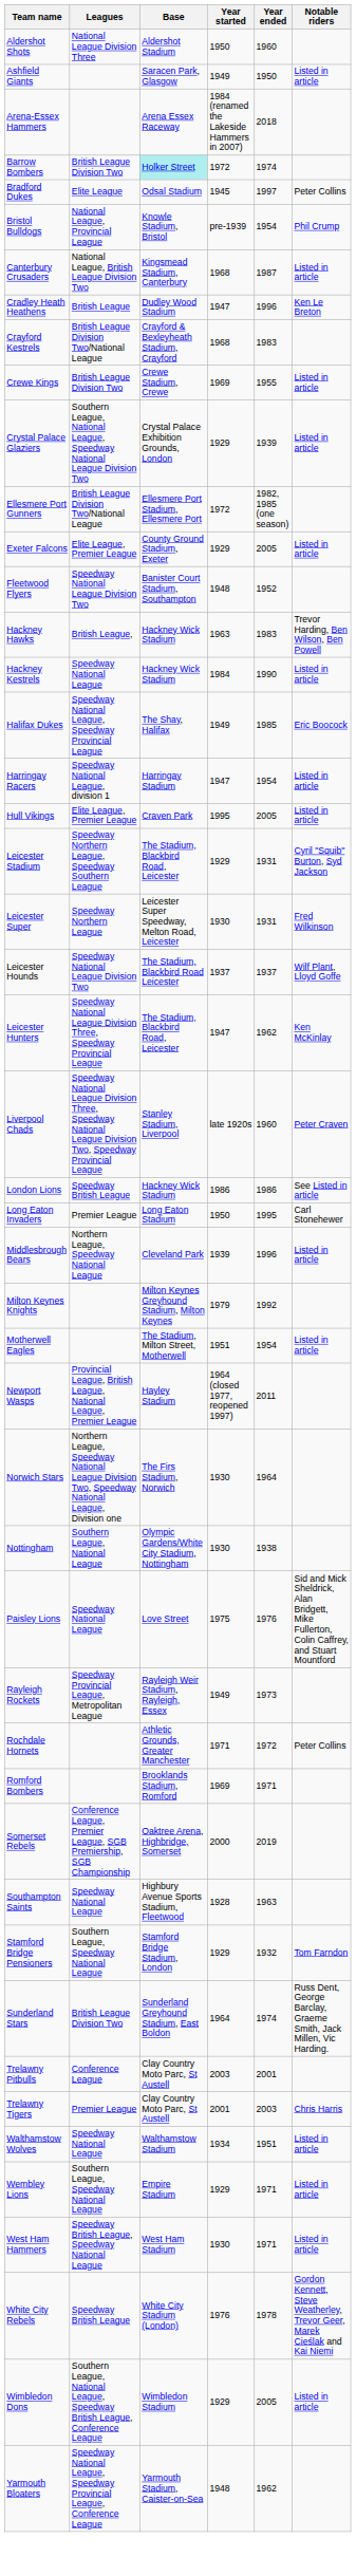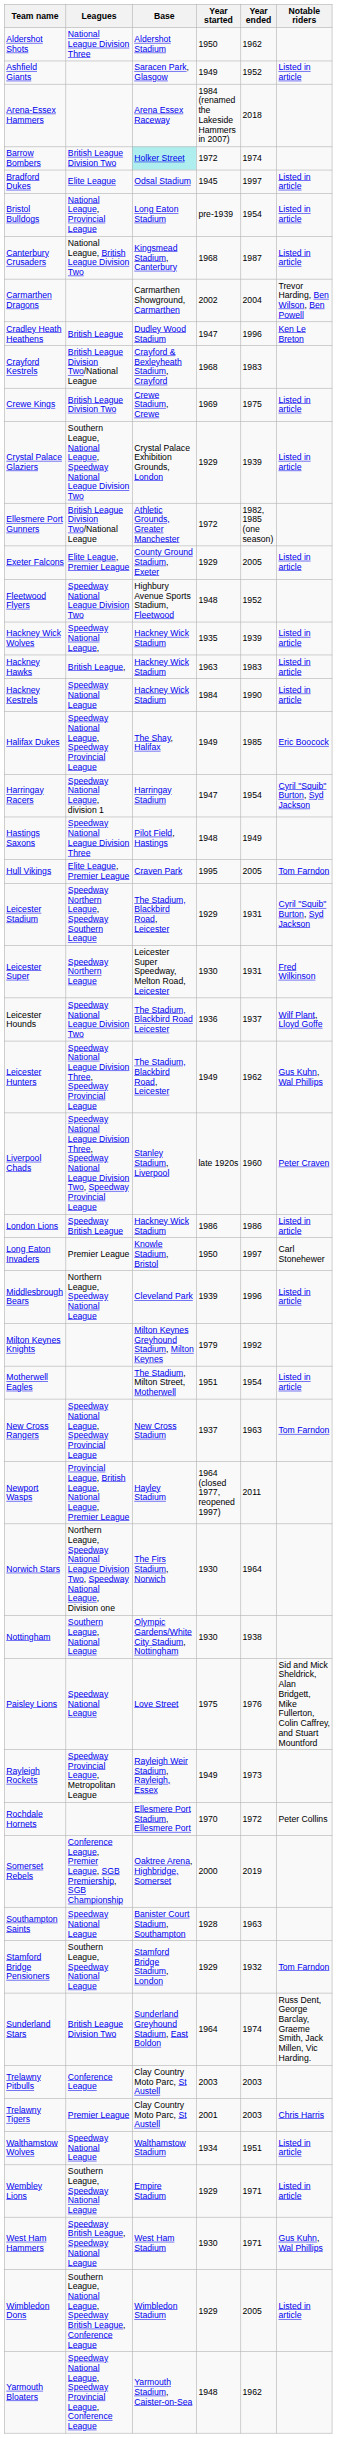 <table class="wikitable sortable">
 <tr>
 <th>Team name</th>
 <th>Leagues</th>
 <th>Base</th>
 <th>Year started</th>
 <th>Year ended</th>
 <th>Notable riders</th>
 </tr>
 <tr>
 <td><a href='#'>Aldershot Shots</a></td>
 <td><a href='#'>National League Division Three</a></td>
 <td><a href='#'>Aldershot Stadium</a></td>
 <td>1950</td>
-<td>1960</td>
+<td>1962</td>
 <td></td>
 </tr>
 <tr>
 <td><a href='#'>Ashfield Giants</a></td>
 <td></td>
 <td><a href='#'>Saracen Park</a>, <a href='#'>Glasgow</a></td>
 <td>1949</td>
-<td>1950</td>
+<td>1952</td>
 <td><a href='#'>Listed in article</a></td>
 </tr>
 <tr>
 <td><a href='#'>Arena-Essex Hammers</a></td>
 <td></td>
 <td><a href='#'>Arena Essex Raceway</a></td>
 <td>1984 (renamed the Lakeside Hammers in 2007)</td>
 <td>2018</td>
 <td></td>
 </tr>
 <tr>
 <td><a href='#'>Barrow Bombers</a></td>
 <td><a href='#'>British League Division Two</a></td>
 <td style="background: paleturquoise;"><a href='#'>Holker Street</a></td>
 <td>1972</td>
 <td>1974</td>
 <td></td>
 </tr>
 <tr>
 <td><a href='#'>Bradford Dukes</a></td>
 <td><a href='#'>Elite League</a></td>
 <td><a href='#'>Odsal Stadium</a></td>
 <td>1945</td>
 <td>1997</td>
-<td>Peter Collins</td>
+<td><a href='#'>Listed in article</a></td>
 </tr>
 <tr>
 <td><a href='#'>Bristol Bulldogs</a></td>
 <td><a href='#'>National League</a>, <a href='#'>Provincial League</a></td>
-<td><a href='#'>Knowle Stadium</a>, <a href='#'>Bristol</a></td>
+<td><a href='#'>Long Eaton Stadium</a></td>
 <td>pre-1939</td>
 <td>1954</td>
-<td><a href='#'>Phil Crump</a></td>
+<td><a href='#'>Listed in article</a></td>
 </tr>
 <tr>
 <td><a href='#'>Canterbury Crusaders</a></td>
 <td>National League, <a href='#'>British League Division Two</a></td>
 <td><a href='#'>Kingsmead Stadium</a>, <a href='#'>Canterbury</a></td>
 <td>1968</td>
 <td>1987</td>
 <td><a href='#'>Listed in article</a></td>
+</tr>
+<tr>
+<td><a href='#'>Carmarthen Dragons</a><br></td>
+<td></td>
+<td>Carmarthen Showground, <a href='#'>Carmarthen</a></td>
+<td>2002</td>
+<td>2004</td>
+<td>Trevor Harding, <a href='#'>Ben Wilson</a>, <a href='#'>Ben Powell</a></td>
 </tr>
 <tr>
 <td><a href='#'>Cradley Heath Heathens</a></td>
 <td><a href='#'>British League</a></td>
 <td><a href='#'>Dudley Wood Stadium</a></td>
 <td>1947</td>
 <td>1996</td>
 <td><a href='#'>Ken Le Breton</a></td>
 </tr>
 <tr>
 <td><a href='#'>Crayford Kestrels</a></td>
 <td><a href='#'>British League Division Two</a>/National League</td>
 <td><a href='#'>Crayford & Bexleyheath Stadium</a>, <a href='#'>Crayford</a></td>
 <td>1968</td>
 <td>1983</td>
 <td></td>
 </tr>
 <tr>
 <td><a href='#'>Crewe Kings</a></td>
 <td><a href='#'>British League Division Two</a></td>
 <td><a href='#'>Crewe Stadium</a>, <a href='#'>Crewe</a></td>
 <td>1969</td>
-<td>1955</td>
+<td>1975</td>
 <td><a href='#'>Listed in article</a></td>
 </tr>
 <tr>
 <td><a href='#'>Crystal Palace Glaziers</a></td>
 <td>Southern League, <a href='#'>National League</a>, <a href='#'>Speedway National League Division Two</a></td>
 <td>Crystal Palace Exhibition Grounds, <a href='#'>London</a></td>
 <td>1929</td>
 <td>1939</td>
 <td><a href='#'>Listed in article</a></td>
 </tr>
 <tr>
 <td><a href='#'>Ellesmere Port Gunners</a></td>
 <td><a href='#'>British League Division Two</a>/National League</td>
-<td><a href='#'>Ellesmere Port Stadium</a>, <a href='#'>Ellesmere Port</a></td>
+<td><a href='#'>Athletic Grounds, Greater Manchester</a></td>
 <td>1972</td>
 <td>1982, 1985 (one season)</td>
 <td></td>
 </tr>
 <tr>
 <td><a href='#'>Exeter Falcons</a></td>
 <td><a href='#'>Elite League</a>, <a href='#'>Premier League</a></td>
 <td><a href='#'>County Ground Stadium</a>, <a href='#'>Exeter</a></td>
 <td>1929</td>
 <td>2005</td>
 <td><a href='#'>Listed in article</a></td>
 </tr>
 <tr>
 <td><a href='#'>Fleetwood Flyers</a></td>
 <td><a href='#'>Speedway National League Division Two</a></td>
-<td><a href='#'>Banister Court Stadium</a>, <a href='#'>Southampton</a></td>
+<td>Highbury Avenue Sports Stadium, <a href='#'>Fleetwood</a></td>
 <td>1948</td>
 <td>1952</td>
 <td></td>
+</tr>
+<tr>
+<td><a href='#'>Hackney Wick Wolves</a></td>
+<td><a href='#'>Speedway National League</a>,</td>
+<td><a href='#'>Hackney Wick Stadium</a></td>
+<td>1935</td>
+<td>1939</td>
+<td><a href='#'>Listed in article</a></td>
 </tr>
 <tr>
 <td><a href='#'>Hackney Hawks</a></td>
 <td><a href='#'>British League</a>,</td>
 <td><a href='#'>Hackney Wick Stadium</a></td>
 <td>1963</td>
 <td>1983</td>
-<td>Trevor Harding, <a href='#'>Ben Wilson</a>, <a href='#'>Ben Powell</a></td>
+<td><a href='#'>Listed in article</a></td>
 </tr>
 <tr>
 <td><a href='#'>Hackney Kestrels</a></td>
 <td><a href='#'>Speedway National League</a></td>
 <td><a href='#'>Hackney Wick Stadium</a></td>
 <td>1984</td>
 <td>1990</td>
 <td><a href='#'>Listed in article</a></td>
 </tr>
 <tr>
 <td><a href='#'>Halifax Dukes</a></td>
 <td><a href='#'>Speedway National League</a>, <a href='#'>Speedway Provincial League</a></td>
 <td><a href='#'>The Shay</a>, <a href='#'>Halifax</a></td>
 <td>1949</td>
 <td>1985</td>
 <td><a href='#'>Eric Boocock</a></td>
 </tr>
 <tr>
 <td><a href='#'>Harringay Racers</a></td>
 <td><a href='#'>Speedway National League</a>, division 1</td>
 <td><a href='#'>Harringay Stadium</a></td>
 <td>1947</td>
 <td>1954</td>
-<td><a href='#'>Listed in article</a></td>
+<td><a href='#'>Cyril "Squib" Burton</a>, <a href='#'>Syd Jackson</a></td>
+</tr>
+<tr>
+<td><a href='#'>Hastings Saxons</a></td>
+<td><a href='#'>Speedway National League Division Three</a></td>
+<td><a href='#'>Pilot Field</a>, <a href='#'>Hastings</a></td>
+<td>1948</td>
+<td>1949</td>
+<td></td>
 </tr>
 <tr>
 <td><a href='#'>Hull Vikings</a></td>
 <td><a href='#'>Elite League</a>, <a href='#'>Premier League</a></td>
 <td><a href='#'>Craven Park</a></td>
 <td>1995</td>
 <td>2005</td>
-<td><a href='#'>Listed in article</a></td>
+<td><a href='#'>Tom Farndon</a></td>
 </tr>
 <tr>
 <td><a href='#'>Leicester Stadium</a></td>
 <td><a href='#'>Speedway Northern League</a>, <a href='#'>Speedway Southern League</a></td>
 <td><a href='#'>The Stadium, Blackbird Road</a>, <a href='#'>Leicester</a></td>
 <td>1929</td>
 <td>1931</td>
 <td><a href='#'>Cyril "Squib" Burton</a>, <a href='#'>Syd Jackson</a></td>
 </tr>
 <tr>
 <td><a href='#'>Leicester Super</a></td>
 <td><a href='#'>Speedway Northern League</a></td>
 <td>Leicester Super Speedway, Melton Road, <a href='#'>Leicester</a></td>
 <td>1930</td>
 <td>1931</td>
 <td><a href='#'>Fred Wilkinson</a></td>
 </tr>
 <tr>
 <td>Leicester Hounds</td>
 <td><a href='#'>Speedway National League Division Two</a></td>
 <td><a href='#'>The Stadium, Blackbird Road</a> <a href='#'>Leicester</a></td>
-<td>1937</td>
+<td>1936</td>
 <td>1937</td>
 <td><a href='#'>Wilf Plant</a>, <a href='#'>Lloyd Goffe</a></td>
 </tr>
 <tr>
 <td><a href='#'>Leicester Hunters</a></td>
 <td><a href='#'>Speedway National League Division Three</a>, <a href='#'>Speedway Provincial League</a></td>
 <td><a href='#'>The Stadium, Blackbird Road</a>, <a href='#'>Leicester</a></td>
-<td>1947</td>
+<td>1949</td>
 <td>1962</td>
-<td><a href='#'>Ken McKinlay</a></td>
+<td><a href='#'>Gus Kuhn</a>, <a href='#'>Wal Phillips</a></td>
 </tr>
 <tr>
 <td><a href='#'>Liverpool Chads</a></td>
 <td><a href='#'>Speedway National League Division Three</a>, <a href='#'>Speedway National League Division Two</a>, <a href='#'>Speedway Provincial League</a></td>
 <td><a href='#'>Stanley Stadium</a>, <a href='#'>Liverpool</a></td>
 <td>late 1920s</td>
 <td>1960</td>
 <td><a href='#'>Peter Craven</a></td>
 </tr>
 <tr>
 <td><a href='#'>London Lions</a></td>
 <td><a href='#'>Speedway British League</a></td>
 <td><a href='#'>Hackney Wick Stadium</a></td>
 <td>1986</td>
 <td>1986</td>
-<td>See <a href='#'>Listed in article</a></td>
+<td><a href='#'>Listed in article</a></td>
 </tr>
 <tr>
 <td><a href='#'>Long Eaton Invaders</a></td>
 <td>Premier League</td>
-<td><a href='#'>Long Eaton Stadium</a></td>
+<td><a href='#'>Knowle Stadium</a>, <a href='#'>Bristol</a></td>
 <td>1950</td>
-<td>1995</td>
+<td>1997</td>
 <td>Carl Stonehewer</td>
 </tr>
 <tr>
 <td><a href='#'>Middlesbrough Bears</a></td>
 <td>Northern League, <a href='#'>Speedway National League</a></td>
 <td><a href='#'>Cleveland Park</a></td>
 <td>1939</td>
 <td>1996</td>
 <td><a href='#'>Listed in article</a></td>
 </tr>
 <tr>
 <td><a href='#'>Milton Keynes Knights</a></td>
 <td></td>
 <td><a href='#'>Milton Keynes Greyhound Stadium</a>, <a href='#'>Milton Keynes</a></td>
 <td>1979</td>
 <td>1992</td>
 <td></td>
 </tr>
 <tr>
 <td><a href='#'>Motherwell Eagles</a></td>
 <td></td>
 <td><a href='#'>The Stadium</a>, Milton Street, <a href='#'>Motherwell</a></td>
 <td>1951</td>
 <td>1954</td>
 <td><a href='#'>Listed in article</a></td>
+</tr>
+<tr>
+<td><a href='#'>New Cross Rangers</a></td>
+<td><a href='#'>Speedway National League</a>, <a href='#'>Speedway Provincial League</a></td>
+<td><a href='#'>New Cross Stadium</a></td>
+<td>1937</td>
+<td>1963</td>
+<td><a href='#'>Tom Farndon</a></td>
 </tr>
 <tr>
 <td><a href='#'>Newport Wasps</a></td>
 <td><a href='#'>Provincial League</a>, <a href='#'>British League</a>, <a href='#'>National League</a>, <a href='#'>Premier League</a></td>
 <td><a href='#'>Hayley Stadium</a></td>
 <td>1964 (closed 1977, reopened 1997)</td>
 <td>2011</td>
 <td></td>
 </tr>
 <tr>
 <td><a href='#'>Norwich Stars</a></td>
 <td>Northern League, <a href='#'>Speedway National League Division Two</a>, <a href='#'>Speedway National League</a>, Division one</td>
 <td><a href='#'>The Firs Stadium</a>, <a href='#'>Norwich</a></td>
 <td>1930</td>
 <td>1964</td>
 <td></td>
 </tr>
 <tr>
 <td><a href='#'>Nottingham</a></td>
 <td><a href='#'>Southern League</a>, <a href='#'>National League</a></td>
 <td><a href='#'>Olympic Gardens/White City Stadium</a>, <a href='#'>Nottingham</a></td>
 <td>1930</td>
 <td>1938</td>
 <td></td>
 </tr>
 <tr>
 <td><a href='#'>Paisley Lions</a></td>
 <td><a href='#'>Speedway National League</a></td>
 <td><a href='#'>Love Street</a></td>
 <td>1975</td>
 <td>1976</td>
 <td>Sid and Mick Sheldrick, Alan Bridgett, Mike Fullerton, Colin Caffrey, and Stuart Mountford</td>
 </tr>
 <tr>
 <td><a href='#'>Rayleigh Rockets</a></td>
 <td><a href='#'>Speedway Provincial League</a>, Metropolitan League</td>
 <td><a href='#'>Rayleigh Weir Stadium</a>, <a href='#'>Rayleigh, Essex</a></td>
 <td>1949</td>
 <td>1973</td>
 <td></td>
 </tr>
 <tr>
 <td><a href='#'>Rochdale Hornets</a></td>
 <td></td>
-<td><a href='#'>Athletic Grounds, Greater Manchester</a></td>
-<td>1971</td>
+<td><a href='#'>Ellesmere Port Stadium</a>, <a href='#'>Ellesmere Port</a></td>
+<td>1970</td>
 <td>1972</td>
 <td>Peter Collins</td>
-</tr>
-<tr>
-<td><a href='#'>Romford Bombers</a></td>
-<td></td>
-<td><a href='#'>Brooklands Stadium</a>, <a href='#'>Romford</a></td>
-<td>1969</td>
-<td>1971</td>
-<td></td>
 </tr>
 <tr>
 <td><a href='#'>Somerset Rebels</a></td>
 <td><a href='#'>Conference League</a>, <a href='#'>Premier League</a>, <a href='#'>SGB Premiership</a>, <a href='#'>SGB Championship</a></td>
 <td><a href='#'>Oaktree Arena</a>, <a href='#'>Highbridge, Somerset</a></td>
 <td>2000</td>
 <td>2019</td>
 <td></td>
 </tr>
 <tr>
 <td><a href='#'>Southampton Saints</a></td>
 <td><a href='#'>Speedway National League</a></td>
-<td>Highbury Avenue Sports Stadium, <a href='#'>Fleetwood</a></td>
+<td><a href='#'>Banister Court Stadium</a>, <a href='#'>Southampton</a></td>
 <td>1928</td>
 <td>1963</td>
 <td></td>
 </tr>
 <tr>
 <td><a href='#'>Stamford Bridge Pensioners</a></td>
 <td>Southern League, <a href='#'>Speedway National League</a></td>
 <td><a href='#'>Stamford Bridge Stadium</a>, <a href='#'>London</a></td>
 <td>1929</td>
 <td>1932</td>
 <td><a href='#'>Tom Farndon</a></td>
 </tr>
 <tr>
 <td><a href='#'>Sunderland Stars</a></td>
 <td><a href='#'>British League Division Two</a></td>
 <td><a href='#'>Sunderland Greyhound Stadium</a>, <a href='#'>East Boldon</a></td>
 <td>1964</td>
 <td>1974</td>
 <td>Russ Dent, George Barclay, Graeme Smith, Jack Millen, Vic Harding.</td>
 </tr>
 <tr>
 <td><a href='#'>Trelawny Pitbulls</a></td>
 <td><a href='#'>Conference League</a></td>
 <td>Clay Country Moto Parc, <a href='#'>St Austell</a></td>
 <td>2003</td>
-<td>2001</td>
+<td>2003</td>
 <td></td>
 </tr>
 <tr>
 <td><a href='#'>Trelawny Tigers</a></td>
 <td><a href='#'>Premier League</a></td>
 <td>Clay Country Moto Parc, <a href='#'>St Austell</a></td>
 <td>2001</td>
 <td>2003</td>
 <td><a href='#'>Chris Harris</a></td>
 </tr>
 <tr>
 <td><a href='#'>Walthamstow Wolves</a></td>
 <td><a href='#'>Speedway National League</a></td>
 <td><a href='#'>Walthamstow Stadium</a></td>
 <td>1934</td>
 <td>1951</td>
 <td><a href='#'>Listed in article</a></td>
 </tr>
 <tr>
 <td><a href='#'>Wembley Lions</a></td>
 <td>Southern League, <a href='#'>Speedway National League</a></td>
 <td><a href='#'>Empire Stadium</a></td>
 <td>1929</td>
 <td>1971</td>
 <td><a href='#'>Listed in article</a></td>
 </tr>
 <tr>
 <td><a href='#'>West Ham Hammers</a></td>
 <td><a href='#'>Speedway British League</a>, <a href='#'>Speedway National League</a></td>
 <td><a href='#'>West Ham Stadium</a></td>
 <td>1930</td>
 <td>1971</td>
-<td><a href='#'>Listed in article</a></td>
-</tr>
-<tr>
-<td><a href='#'>White City Rebels</a></td>
-<td><a href='#'>Speedway British League</a></td>
-<td><a href='#'>White City Stadium (London)</a></td>
-<td>1976</td>
-<td>1978</td>
-<td><a href='#'>Gordon Kennett</a>, <a href='#'>Steve Weatherley</a>, <a href='#'>Trevor Geer</a>, <a href='#'>Marek Cieślak</a> and <a href='#'>Kai Niemi</a></td>
+<td><a href='#'>Gus Kuhn</a>, <a href='#'>Wal Phillips</a></td>
 </tr>
 <tr>
 <td><a href='#'>Wimbledon Dons</a></td>
 <td>Southern League, <a href='#'>National League</a>, <a href='#'>Speedway British League</a>, <a href='#'>Conference League</a></td>
 <td><a href='#'>Wimbledon Stadium</a></td>
 <td>1929</td>
 <td>2005</td>
 <td><a href='#'>Listed in article</a></td>
 </tr>
 <tr>
 <td><a href='#'>Yarmouth Bloaters</a></td>
 <td><a href='#'>Speedway National League</a>, <a href='#'>Speedway Provincial League</a>, <a href='#'>Conference League</a></td>
 <td><a href='#'>Yarmouth Stadium</a>, <a href='#'>Caister-on-Sea</a></td>
 <td>1948</td>
 <td>1962</td>
 <td></td>
 </tr>
 </table>
